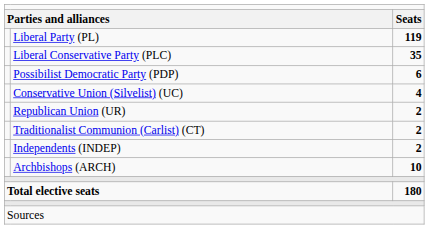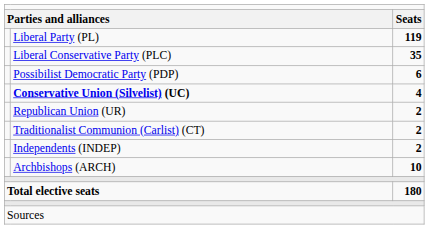 <table class="wikitable" style="text-align:right;">
 <tr>
 <td colspan="3"></td>
 </tr>
 <tr>
 <th style="text-align:left;" colspan="2" width="525">Parties and alliances</th>
 <th width="35">Seats</th>
 </tr>
 <tr>
 <td width="1" style="color:inherit;background:"></td>
 <td align="left"><a href='#'>Liberal Party</a> (PL)</td>
 <td><strong>119</strong></td>
 </tr>
 <tr>
 <td style="color:inherit;background:"></td>
 <td align="left"><a href='#'>Liberal Conservative Party</a> (PLC)</td>
 <td><strong>35</strong></td>
 </tr>
 <tr>
 <td style="color:inherit;background:"></td>
 <td align="left"><a href='#'>Possibilist Democratic Party</a> (PDP)</td>
 <td><strong>6</strong></td>
 </tr>
 <tr>
 <td style="color:inherit;background:"></td>
-<td align="left"><a href='#'>Conservative Union (Silvelist)</a> (UC)</td>
+<td align="left"><strong><a href='#'>Conservative Union (Silvelist)</a> (UC)</strong></td>
 <td><strong>4</strong></td>
 </tr>
 <tr>
 <td style="color:inherit;background:"></td>
 <td align="left"><a href='#'>Republican Union</a> (UR)</td>
 <td><strong>2</strong></td>
 </tr>
 <tr>
 <td style="color:inherit;background:"></td>
 <td align="left"><a href='#'>Traditionalist Communion (Carlist)</a> (CT)</td>
 <td><strong>2</strong></td>
 </tr>
 <tr>
 <td style="color:inherit;background:"></td>
 <td align="left"><a href='#'>Independents</a> (INDEP)</td>
 <td><strong>2</strong></td>
 </tr>
 <tr>
 <td style="color:inherit;background:"></td>
 <td align="left"><a href='#'>Archbishops</a> (ARCH)</td>
 <td><strong>10</strong></td>
 </tr>
 <tr>
 <td colspan="3" bgcolor="#E9E9E9"></td>
 </tr>
 <tr style="font-weight:bold;">
 <td align="left" colspan="2">Total elective seats</td>
 <td>180</td>
 </tr>
 <tr>
 <td colspan="3" bgcolor="#E9E9E9"></td>
 </tr>
 <tr>
 <td align="left" colspan="3">Sources</td>
 </tr>
 </table>
